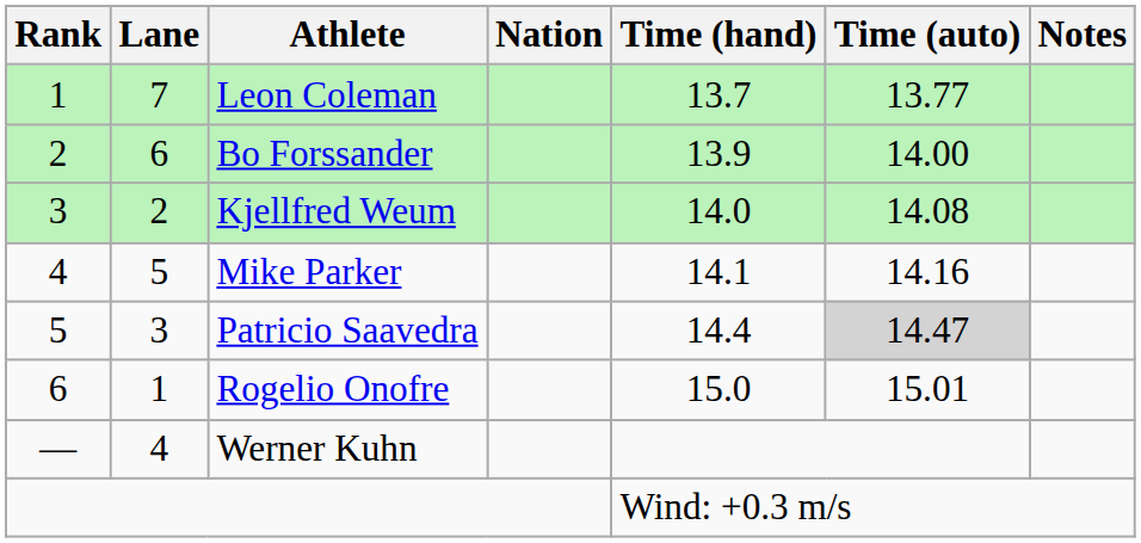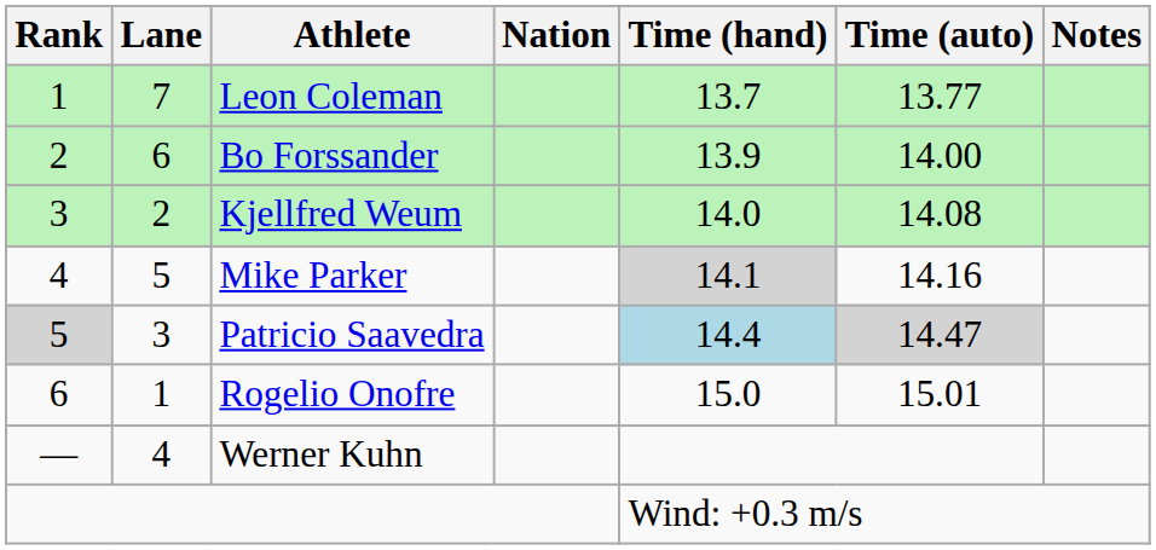 <table class="wikitable sortable" style="text-align:center">
 <tr>
 <th>Rank</th>
 <th>Lane</th>
 <th>Athlete</th>
 <th>Nation</th>
 <th>Time (hand)</th>
 <th>Time (auto)</th>
 <th>Notes</th>
 </tr>
 <tr bgcolor=bbf3bb>
 <td>1</td>
 <td>7</td>
 <td align=left><a href='#'>Leon Coleman</a></td>
 <td align=left></td>
 <td>13.7</td>
 <td>13.77</td>
 <td></td>
 </tr>
 <tr bgcolor=bbf3bb>
 <td>2</td>
 <td>6</td>
 <td align=left><a href='#'>Bo Forssander</a></td>
 <td align=left></td>
 <td>13.9</td>
 <td>14.00</td>
 <td></td>
 </tr>
 <tr bgcolor=bbf3bb>
 <td>3</td>
 <td>2</td>
 <td align=left><a href='#'>Kjellfred Weum</a></td>
 <td align=left></td>
 <td>14.0</td>
 <td>14.08</td>
 <td></td>
 </tr>
 <tr>
 <td>4</td>
 <td>5</td>
 <td align=left><a href='#'>Mike Parker</a></td>
 <td align=left></td>
-<td>14.1</td>
+<td style="background: lightgrey;">14.1</td>
 <td>14.16</td>
 <td></td>
 </tr>
 <tr>
-<td>5</td>
+<td style="background: lightgrey;">5</td>
 <td>3</td>
 <td align=left><a href='#'>Patricio Saavedra</a></td>
 <td align=left></td>
-<td>14.4</td>
+<td style="background: lightblue;">14.4</td>
 <td style="background: lightgrey;">14.47</td>
 <td></td>
 </tr>
 <tr>
 <td>6</td>
 <td>1</td>
 <td align=left><a href='#'>Rogelio Onofre</a></td>
 <td align=left></td>
 <td>15.0</td>
 <td>15.01</td>
 <td></td>
 </tr>
 <tr>
 <td data-sort-value=7>—</td>
 <td>4</td>
 <td align=left>Werner Kuhn</td>
 <td align=left></td>
 <td colspan=2 data-sort-value=99.9></td>
 <td></td>
 </tr>
 <tr class="sortbottom">
 <td colspan=4></td>
 <td colspan="3" style="text-align:left;">Wind: +0.3 m/s</td>
 </tr>
 </table>
